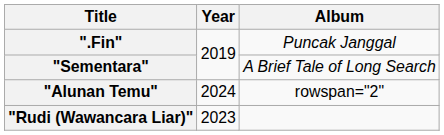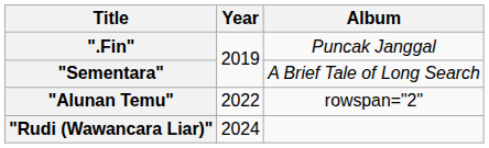 <table class="wikitable plainrowheaders" style="text-align:center">
 <tr>
 <th scope="col">Title</th>
 <th>Year</th>
 <th scope="col">Album</th>
 </tr>
 <tr>
 <th scope="row">".Fin"<br></th>
 <td rowspan="2">2019</td>
 <td><em>Puncak Janggal</em></td>
 </tr>
 <tr>
 <th scope="row">"Sementara"<br></th>
 <td><em>A Brief Tale of Long Search</em></td>
 </tr>
 <tr>
 <th scope="row">"Alunan Temu"<br></th>
-<td>2024</td>
+<td>2022</td>
 <td>rowspan="2" </td>
 </tr>
 <tr>
 <th scope="row">"Rudi (Wawancara Liar)"<br></th>
-<td>2023</td>
+<td>2024</td>
 </tr>
 </table>
